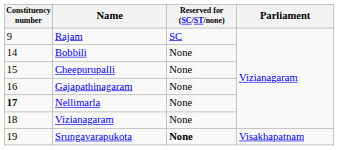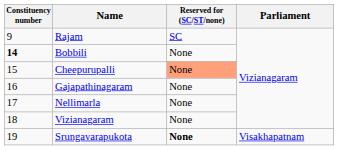 <table class="wikitable" width="500px">
 <tr>
 <th width="50px" style="font-size:75%">Constituency number</th>
 <th>Name</th>
 <th width="100px" style="font-size:75%">Reserved for (<a href='#'>SC</a>/<a href='#'>ST</a>/none)</th>
 <th>Parliament</th>
 </tr>
 <tr>
 <td>9</td>
 <td><a href='#'>Rajam</a></td>
 <td><a href='#'>SC</a></td>
 <td rowspan="6"><a href='#'>Vizianagaram</a></td>
 </tr>
 <tr>
-<td>14</td>
+<td><strong>14</strong></td>
 <td><a href='#'>Bobbili</a></td>
 <td>None</td>
 </tr>
 <tr>
 <td>15</td>
 <td><a href='#'>Cheepurupalli</a></td>
-<td>None</td>
+<td style="background: lightsalmon;">None</td>
 </tr>
 <tr>
 <td>16</td>
 <td><a href='#'>Gajapathinagaram</a></td>
 <td>None</td>
 </tr>
 <tr>
-<td><strong>17</strong></td>
+<td>17</td>
 <td><a href='#'>Nellimarla</a></td>
 <td>None</td>
 </tr>
 <tr>
 <td>18</td>
 <td><a href='#'>Vizianagaram</a></td>
 <td>None</td>
 </tr>
 <tr>
 <td>19</td>
 <td><a href='#'>Srungavarapukota</a></td>
 <td><strong>None</strong></td>
 <td><a href='#'>Visakhapatnam</a></td>
 </tr>
 </table>
